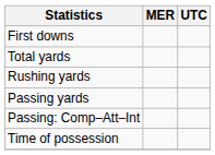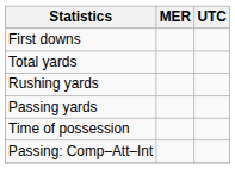 <table class="wikitable" style="float: left;">
 <tr>
 <th>Statistics</th>
 <th>MER</th>
 <th>UTC</th>
 </tr>
 <tr>
 <td>First downs</td>
 <td></td>
 <td></td>
 </tr>
 <tr>
 <td>Total yards</td>
 <td></td>
 <td></td>
 </tr>
 <tr>
 <td>Rushing yards</td>
 <td></td>
 <td></td>
 </tr>
 <tr>
 <td>Passing yards</td>
 <td></td>
 <td></td>
 </tr>
 <tr>
-<td>Passing: Comp–Att–Int</td>
+<td>Time of possession</td>
 <td></td>
 <td></td>
 </tr>
 <tr>
-<td>Time of possession</td>
+<td>Passing: Comp–Att–Int</td>
 <td></td>
 <td></td>
 </tr>
 <tr>
 </tr>
 </table>
